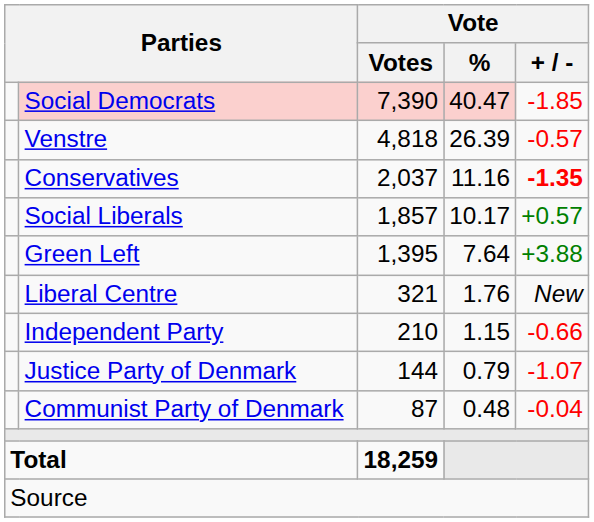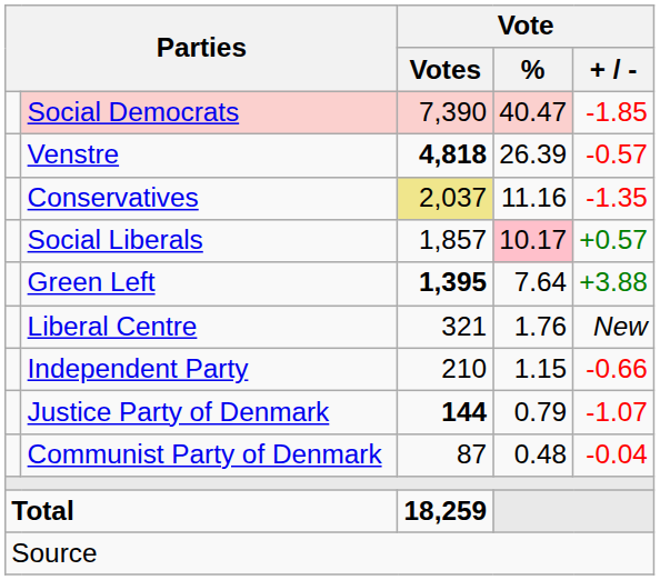 <table class="wikitable" style="text-align:right;">
 <tr>
 <th style="text-align:centre;" rowspan="2" colspan="2" width="225">Parties</th>
 <th colspan="3">Vote</th>
 </tr>
 <tr>
 <th width="15">Votes</th>
 <th width="15">%</th>
 <th width="15">+ / -</th>
 </tr>
 <tr>
 <td width="2" style="color:inherit;background:"></td>
 <td bgcolor=#fbd0ce  align="left"><a href='#'>Social Democrats</a></td>
 <td bgcolor=#fbd0ce>7,390</td>
 <td bgcolor=#fbd0ce>40.47</td>
 <td style=color:red;>-1.85</td>
 </tr>
 <tr>
 <td width="2" style="color:inherit;background:"></td>
 <td align="left"><a href='#'>Venstre</a></td>
-<td>4,818</td>
+<td><strong>4,818</strong></td>
 <td>26.39</td>
 <td style=color:red;>-0.57</td>
 </tr>
 <tr>
 <td width="2" style="color:inherit;background:"></td>
 <td align="left"><a href='#'>Conservatives</a></td>
-<td>2,037</td>
+<td style="background: khaki;">2,037</td>
 <td>11.16</td>
-<td style=color:red;><strong>-1.35</strong></td>
+<td style=color:red;>-1.35</td>
 </tr>
 <tr>
 <td width="2" style="color:inherit;background:"></td>
 <td align="left"><a href='#'>Social Liberals</a></td>
 <td>1,857</td>
-<td>10.17</td>
+<td style="background: pink;">10.17</td>
 <td style=color:green;>+0.57</td>
 </tr>
 <tr>
 <td width="2" style="color:inherit;background:"></td>
 <td align="left"><a href='#'>Green Left</a></td>
-<td>1,395</td>
+<td><strong>1,395</strong></td>
 <td>7.64</td>
 <td style=color:green;>+3.88</td>
 </tr>
 <tr>
 <td width="2" style="color:inherit;background:"></td>
 <td align="left"><a href='#'>Liberal Centre</a></td>
 <td>321</td>
 <td>1.76</td>
 <td><em>New</em></td>
 </tr>
 <tr>
 <td width="2" style="color:inherit;background:"></td>
 <td align="left"><a href='#'>Independent Party</a></td>
 <td>210</td>
 <td>1.15</td>
 <td style=color:red;>-0.66</td>
 </tr>
 <tr>
 <td width="2" style="color:inherit;background:"></td>
 <td align="left"><a href='#'>Justice Party of Denmark</a></td>
-<td>144</td>
+<td><strong>144</strong></td>
 <td>0.79</td>
 <td style=color:red;>-1.07</td>
 </tr>
 <tr>
 <td width="2" style="color:inherit;background:"></td>
 <td align="left"><a href='#'>Communist Party of Denmark</a></td>
 <td>87</td>
 <td>0.48</td>
 <td style=color:red;>-0.04</td>
 </tr>
 <tr>
 <td colspan="7" bgcolor="#E9E9E9"></td>
 </tr>
 <tr>
 <td align="left" colspan="2"><strong>Total</strong></td>
 <td><strong>18,259</strong></td>
 <td bgcolor="#E9E9E9" colspan="2"></td>
 </tr>
 <tr>
 <td align="left" colspan="6">Source</td>
 </tr>
 </table>
